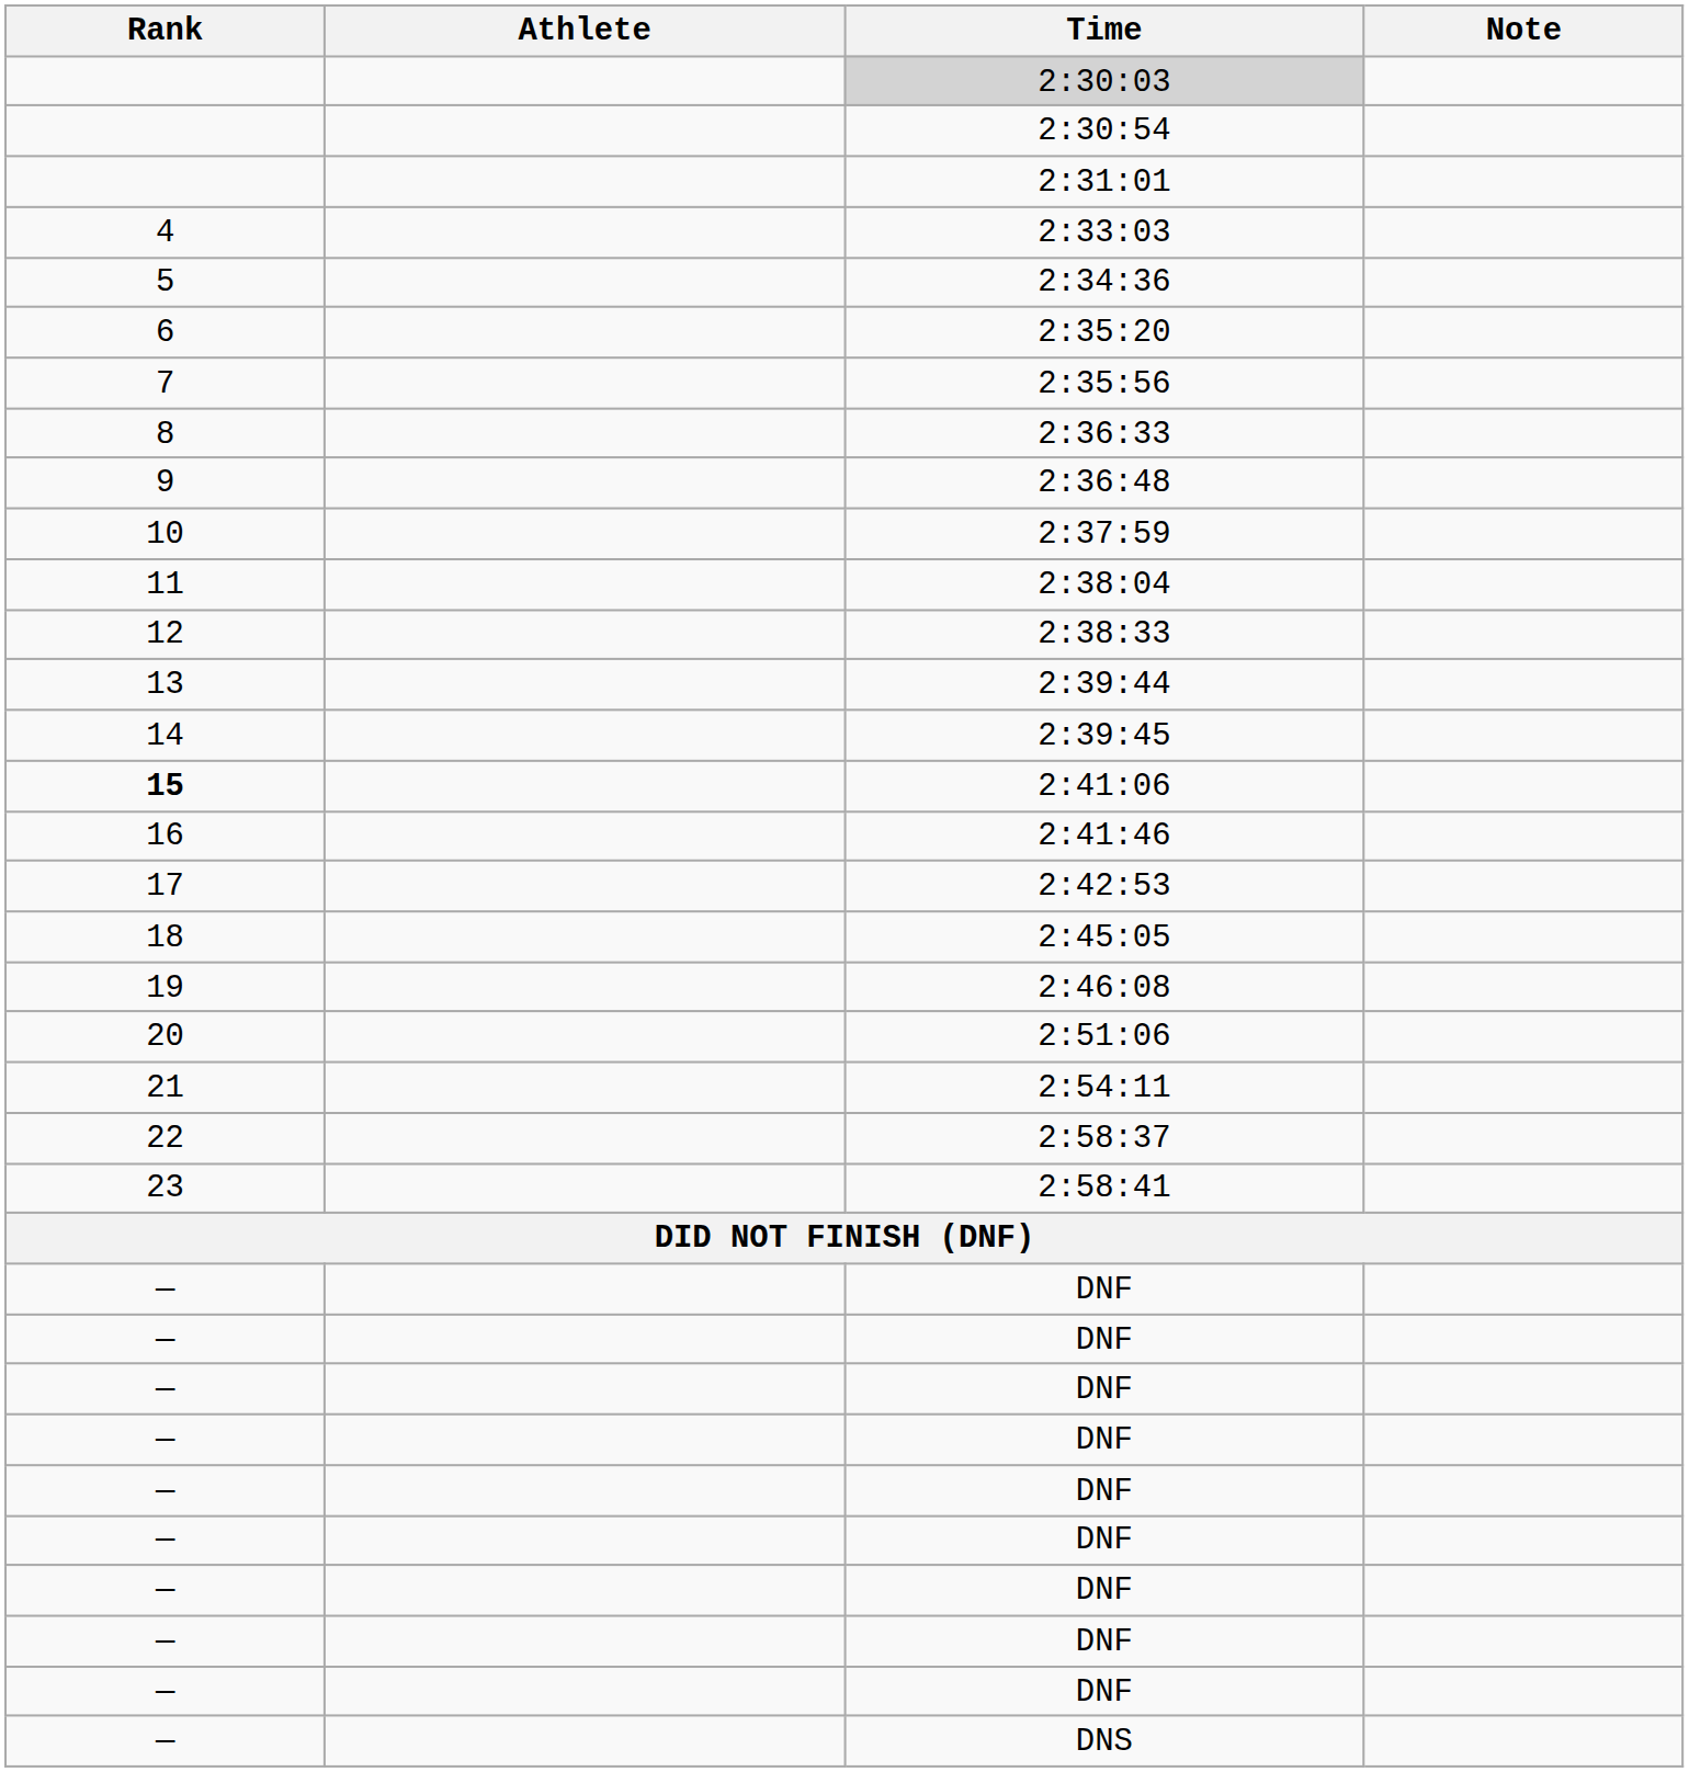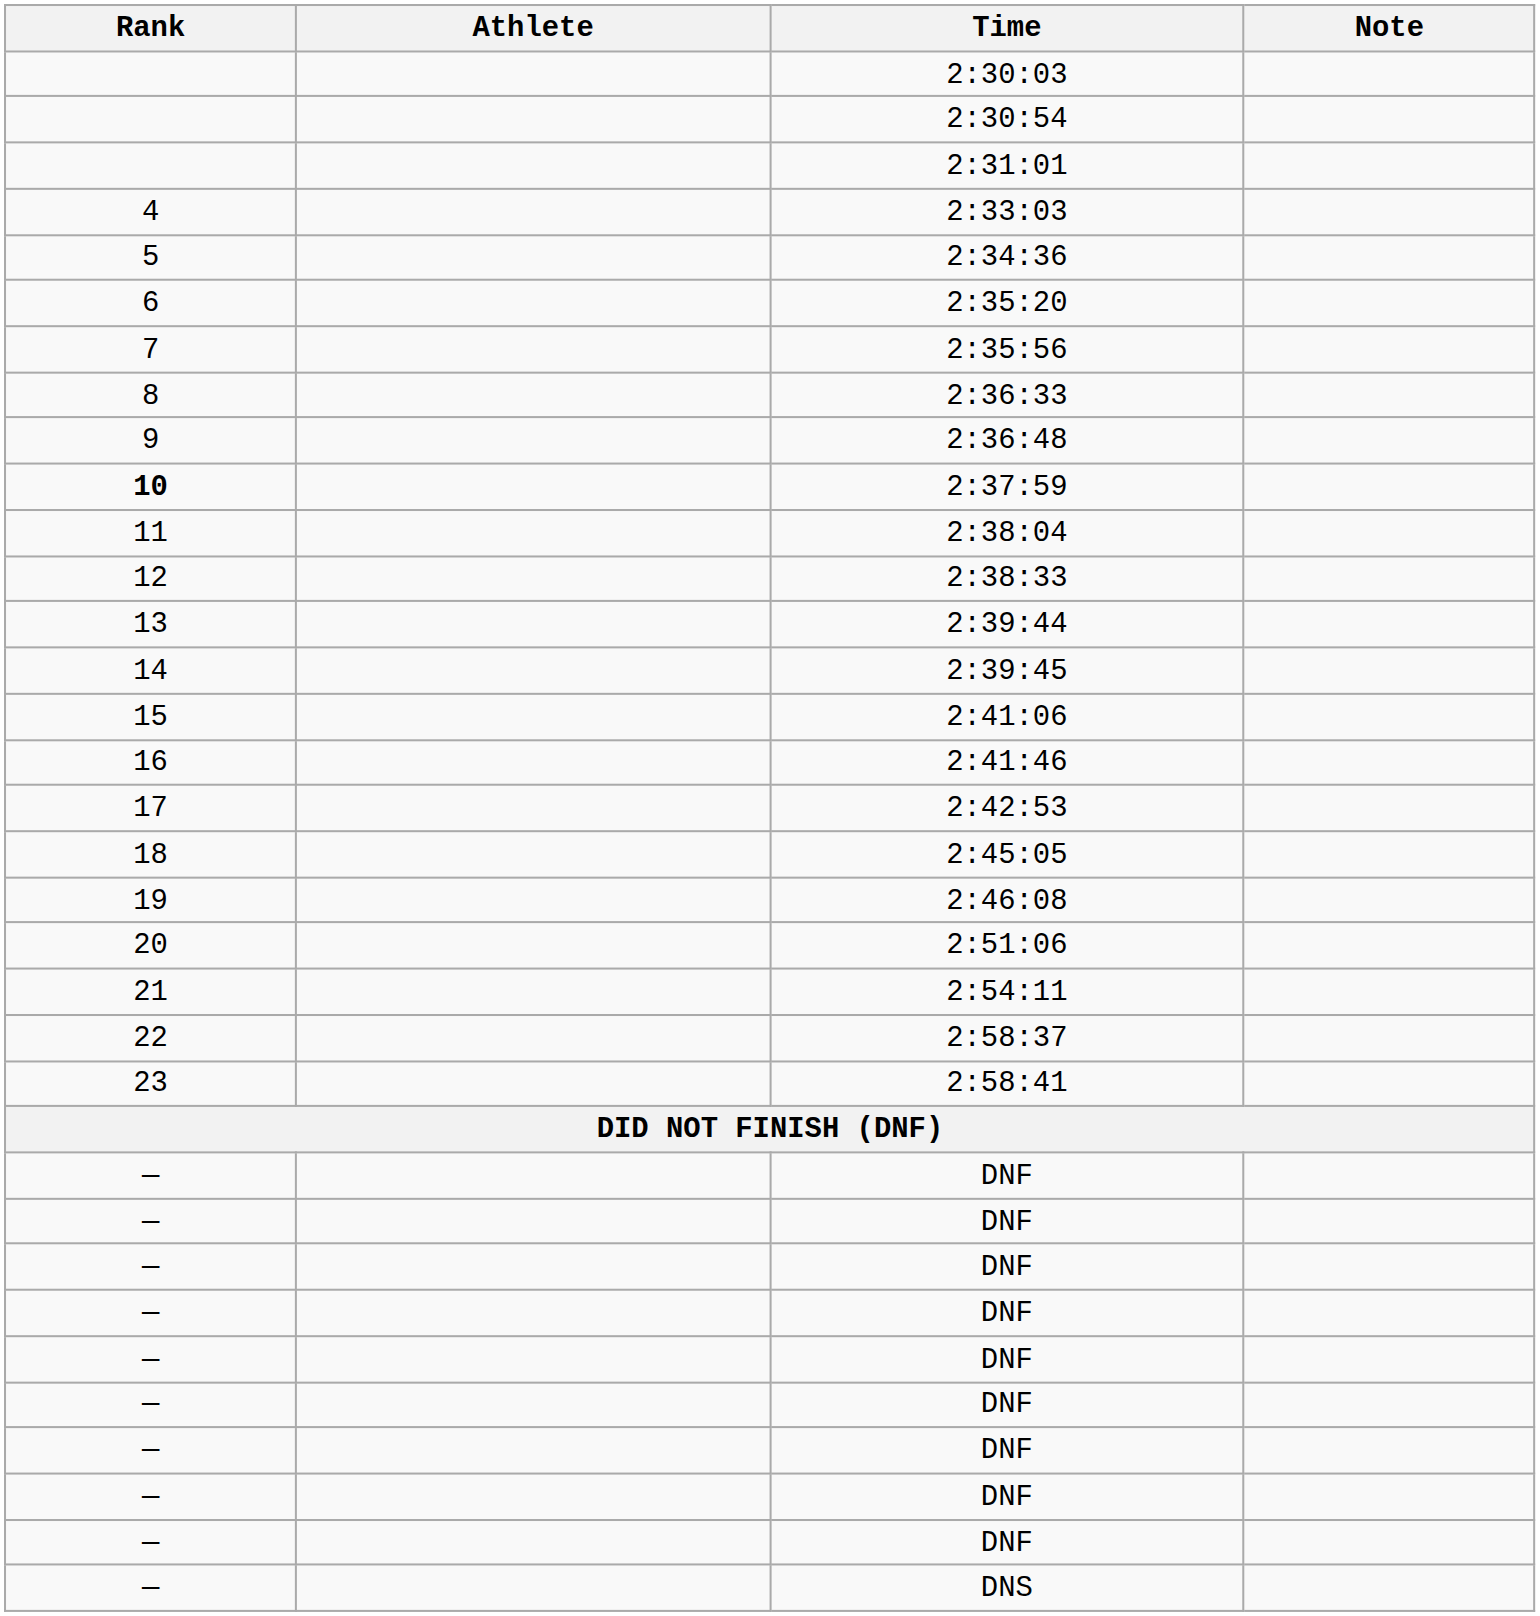 <table class="wikitable" style=" text-align:center; font-size:110%;" width="60%">
 <tr>
 <th>Rank</th>
 <th>Athlete</th>
 <th>Time</th>
 <th>Note</th>
 </tr>
 <tr>
 <td></td>
 <td align=left></td>
-<td style="background: lightgrey;">2:30:03</td>
+<td>2:30:03</td>
 <td></td>
 </tr>
 <tr>
 <td></td>
 <td align=left></td>
 <td>2:30:54</td>
 <td></td>
 </tr>
 <tr>
 <td></td>
 <td align=left></td>
 <td>2:31:01</td>
 <td></td>
 </tr>
 <tr>
 <td>4</td>
 <td align=left></td>
 <td>2:33:03</td>
 <td></td>
 </tr>
 <tr>
 <td>5</td>
 <td align=left></td>
 <td>2:34:36</td>
 <td></td>
 </tr>
 <tr>
 <td>6</td>
 <td align=left></td>
 <td>2:35:20</td>
 <td></td>
 </tr>
 <tr>
 <td>7</td>
 <td align=left></td>
 <td>2:35:56</td>
 <td></td>
 </tr>
 <tr>
 <td>8</td>
 <td align=left></td>
 <td>2:36:33</td>
 <td></td>
 </tr>
 <tr>
 <td>9</td>
 <td align=left></td>
 <td>2:36:48</td>
 <td></td>
 </tr>
 <tr>
-<td>10</td>
+<td><strong>10</strong></td>
 <td align=left></td>
 <td>2:37:59</td>
 <td></td>
 </tr>
 <tr>
 <td>11</td>
 <td align=left></td>
 <td>2:38:04</td>
 <td></td>
 </tr>
 <tr>
 <td>12</td>
 <td align=left></td>
 <td>2:38:33</td>
 <td></td>
 </tr>
 <tr>
 <td>13</td>
 <td align=left></td>
 <td>2:39:44</td>
 <td></td>
 </tr>
 <tr>
 <td>14</td>
 <td align=left></td>
 <td>2:39:45</td>
 <td></td>
 </tr>
 <tr>
-<td><strong>15</strong></td>
+<td>15</td>
 <td align=left></td>
 <td>2:41:06</td>
 <td></td>
 </tr>
 <tr>
 <td>16</td>
 <td align=left></td>
 <td>2:41:46</td>
 <td></td>
 </tr>
 <tr>
 <td>17</td>
 <td align=left></td>
 <td>2:42:53</td>
 <td></td>
 </tr>
 <tr>
 <td>18</td>
 <td align=left></td>
 <td>2:45:05</td>
 <td></td>
 </tr>
 <tr>
 <td>19</td>
 <td align=left></td>
 <td>2:46:08</td>
 <td></td>
 </tr>
 <tr>
 <td>20</td>
 <td align=left></td>
 <td>2:51:06</td>
 <td></td>
 </tr>
 <tr>
 <td>21</td>
 <td align=left></td>
 <td>2:54:11</td>
 <td></td>
 </tr>
 <tr>
 <td>22</td>
 <td align=left></td>
 <td>2:58:37</td>
 <td></td>
 </tr>
 <tr>
 <td>23</td>
 <td align=left></td>
 <td>2:58:41</td>
 <td></td>
 </tr>
 <tr>
 <th colspan="4">DID NOT FINISH (DNF)</th>
 </tr>
 <tr>
 <td>—</td>
 <td align=left></td>
 <td>DNF</td>
 <td></td>
 </tr>
 <tr>
 <td>—</td>
 <td align=left></td>
 <td>DNF</td>
 <td></td>
 </tr>
 <tr>
 <td>—</td>
 <td align=left></td>
 <td>DNF</td>
 <td></td>
 </tr>
 <tr>
 <td>—</td>
 <td align=left></td>
 <td>DNF</td>
 <td></td>
 </tr>
 <tr>
 <td>—</td>
 <td align=left></td>
 <td>DNF</td>
 <td></td>
 </tr>
 <tr>
 <td>—</td>
 <td align=left></td>
 <td>DNF</td>
 <td></td>
 </tr>
 <tr>
 <td>—</td>
 <td align=left></td>
 <td>DNF</td>
 <td></td>
 </tr>
 <tr>
 <td>—</td>
 <td align=left></td>
 <td>DNF</td>
 <td></td>
 </tr>
 <tr>
 <td>—</td>
 <td align=left></td>
 <td>DNF</td>
 <td></td>
 </tr>
 <tr>
 <td>—</td>
 <td align=left></td>
 <td>DNS</td>
 <td></td>
 </tr>
 </table>
